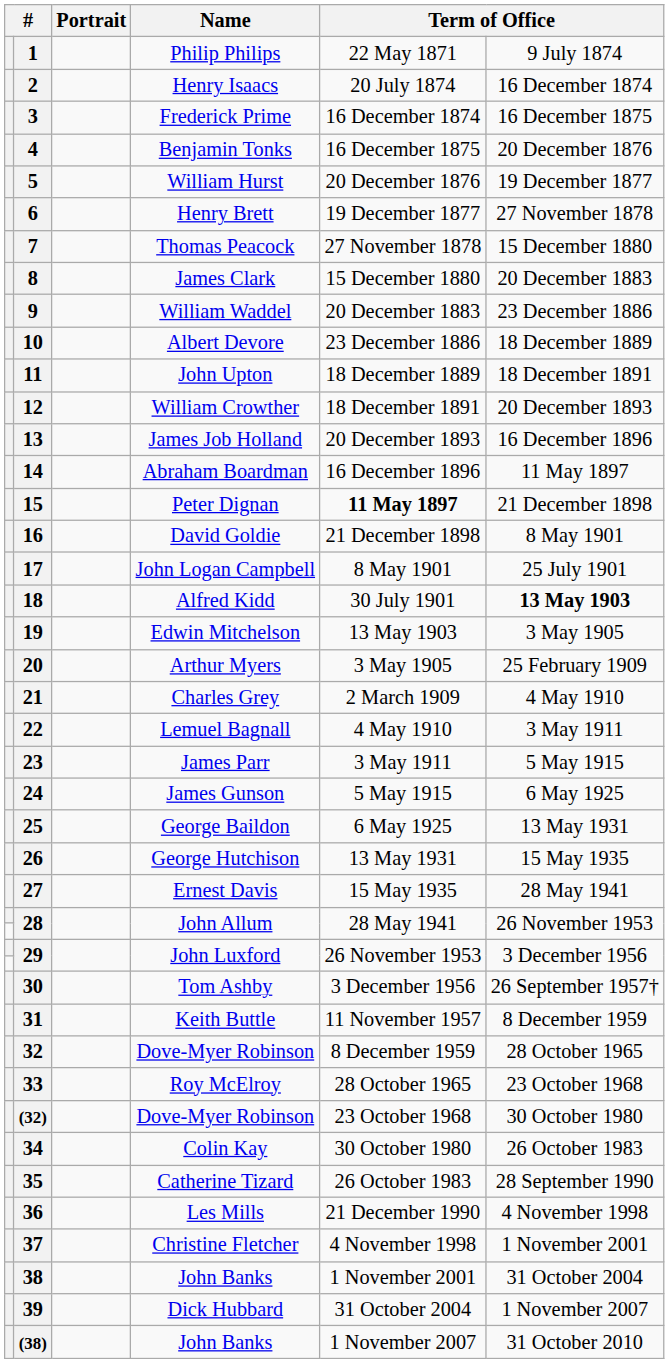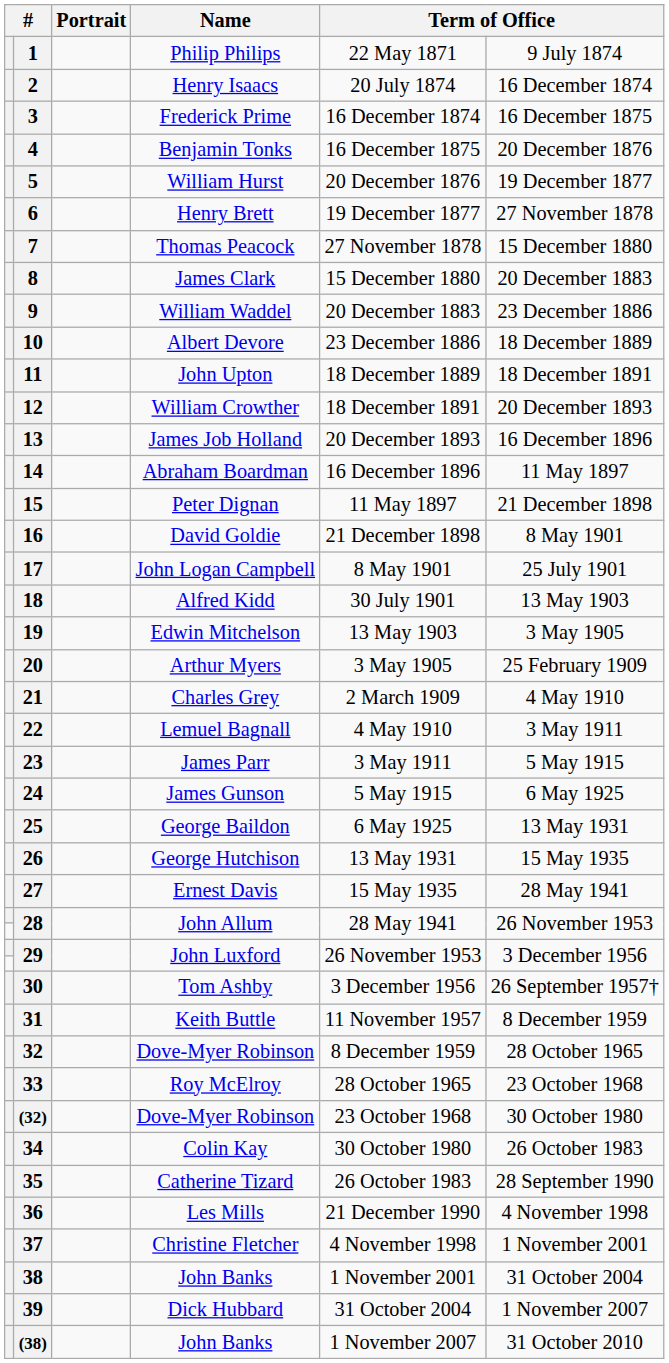 <table class="wikitable" style="text-align:center">
 <tr>
 <th colspan="2">#</th>
 <th>Portrait</th>
 <th>Name</th>
 <th colspan="2" width="150">Term of Office</th>
 </tr>
 <tr>
 <th style="background:"></th>
 <th>1</th>
 <td></td>
 <td><a href='#'>Philip Philips</a></td>
 <td>22 May 1871</td>
 <td>9 July 1874</td>
 </tr>
 <tr>
 <th style="background:"></th>
 <th>2</th>
 <td></td>
 <td><a href='#'>Henry Isaacs</a></td>
 <td>20 July 1874</td>
 <td>16 December 1874</td>
 </tr>
 <tr>
 <th style="background:"></th>
 <th>3</th>
 <td></td>
 <td><a href='#'>Frederick Prime</a></td>
 <td>16 December 1874</td>
 <td>16 December 1875</td>
 </tr>
 <tr>
 <th style="background:"></th>
 <th>4</th>
 <td></td>
 <td><a href='#'>Benjamin Tonks</a></td>
 <td>16 December 1875</td>
 <td>20 December 1876</td>
 </tr>
 <tr>
 <th style="background:"></th>
 <th>5</th>
 <td></td>
 <td><a href='#'>William Hurst</a></td>
 <td>20 December 1876</td>
 <td>19 December 1877</td>
 </tr>
 <tr>
 <th style="background:"></th>
 <th>6</th>
 <td></td>
 <td><a href='#'>Henry Brett</a></td>
 <td>19 December 1877</td>
 <td>27 November 1878</td>
 </tr>
 <tr>
 <th style="background:"></th>
 <th>7</th>
 <td></td>
 <td><a href='#'>Thomas Peacock</a></td>
 <td>27 November 1878</td>
 <td>15 December 1880</td>
 </tr>
 <tr>
 <th style="background:"></th>
 <th>8</th>
 <td></td>
 <td><a href='#'>James Clark</a></td>
 <td>15 December 1880</td>
 <td>20 December 1883</td>
 </tr>
 <tr>
 <th style="background:"></th>
 <th>9</th>
 <td></td>
 <td><a href='#'>William Waddel</a></td>
 <td>20 December 1883</td>
 <td>23 December 1886</td>
 </tr>
 <tr>
 <th style="background:"></th>
 <th>10</th>
 <td></td>
 <td><a href='#'>Albert Devore</a></td>
 <td>23 December 1886</td>
 <td>18 December 1889</td>
 </tr>
 <tr>
 <th style="background:"></th>
 <th>11</th>
 <td></td>
 <td><a href='#'>John Upton</a></td>
 <td>18 December 1889</td>
 <td>18 December 1891</td>
 </tr>
 <tr>
 <th style="background:"></th>
 <th>12</th>
 <td></td>
 <td><a href='#'>William Crowther</a></td>
 <td>18 December 1891</td>
 <td>20 December 1893</td>
 </tr>
 <tr>
 <th style="background:"></th>
 <th>13</th>
 <td></td>
 <td><a href='#'>James Job Holland</a></td>
 <td>20 December 1893</td>
 <td>16 December 1896</td>
 </tr>
 <tr>
 <th style="background:"></th>
 <th>14</th>
 <td></td>
 <td><a href='#'>Abraham Boardman</a></td>
 <td>16 December 1896</td>
 <td>11 May 1897</td>
 </tr>
 <tr>
 <th style="background:"></th>
 <th>15</th>
 <td></td>
 <td><a href='#'>Peter Dignan</a></td>
-<td><strong>11 May 1897</strong></td>
+<td>11 May 1897</td>
 <td>21 December 1898</td>
 </tr>
 <tr>
 <th style="background:"></th>
 <th>16</th>
 <td></td>
 <td><a href='#'>David Goldie</a></td>
 <td>21 December 1898</td>
 <td>8 May 1901</td>
 </tr>
 <tr>
 <th style="background:"></th>
 <th>17</th>
 <td></td>
 <td><a href='#'>John Logan Campbell</a></td>
 <td>8 May 1901</td>
 <td>25 July 1901</td>
 </tr>
 <tr>
 <th style="background:"></th>
 <th>18</th>
 <td></td>
 <td><a href='#'>Alfred Kidd</a></td>
 <td>30 July 1901</td>
-<td><strong>13 May 1903</strong></td>
+<td>13 May 1903</td>
 </tr>
 <tr>
 <th style="background:"></th>
 <th>19</th>
 <td></td>
 <td><a href='#'>Edwin Mitchelson</a></td>
 <td>13 May 1903</td>
 <td>3 May 1905</td>
 </tr>
 <tr>
 <th style="background:"></th>
 <th>20</th>
 <td></td>
 <td><a href='#'>Arthur Myers</a></td>
 <td>3 May 1905</td>
 <td>25 February 1909</td>
 </tr>
 <tr>
 <th style="background:"></th>
 <th>21</th>
 <td></td>
 <td><a href='#'>Charles Grey</a></td>
 <td>2 March 1909</td>
 <td>4 May 1910</td>
 </tr>
 <tr>
 <th style="background:"></th>
 <th>22</th>
 <td></td>
 <td><a href='#'>Lemuel Bagnall</a></td>
 <td>4 May 1910</td>
 <td>3 May 1911</td>
 </tr>
 <tr>
 <th style="background:"></th>
 <th>23</th>
 <td></td>
 <td><a href='#'>James Parr</a></td>
 <td>3 May 1911</td>
 <td>5 May 1915</td>
 </tr>
 <tr>
 <th style="background:"></th>
 <th>24</th>
 <td></td>
 <td><a href='#'>James Gunson</a></td>
 <td>5 May 1915</td>
 <td>6 May 1925</td>
 </tr>
 <tr>
 <th style="background:"></th>
 <th>25</th>
 <td></td>
 <td><a href='#'>George Baildon</a></td>
 <td>6 May 1925</td>
 <td>13 May 1931</td>
 </tr>
 <tr>
 <th style="background:"></th>
 <th>26</th>
 <td></td>
 <td><a href='#'>George Hutchison</a></td>
 <td>13 May 1931</td>
 <td>15 May 1935</td>
 </tr>
 <tr>
 <th style="background:"></th>
 <th>27</th>
 <td></td>
 <td><a href='#'>Ernest Davis</a></td>
 <td>15 May 1935</td>
 <td>28 May 1941</td>
 </tr>
 <tr>
 <th style="background:"></th>
 <th rowspan=2>28</th>
 <td rowspan=2></td>
 <td rowspan=2><a href='#'>John Allum</a></td>
 <td rowspan=2>28 May 1941</td>
 <td rowspan=2>26 November 1953</td>
 </tr>
 <tr>
 <td style="background:"></td>
 </tr>
 <tr>
 <th style="background:"></th>
 <th rowspan=2>29</th>
 <td rowspan=2></td>
 <td rowspan=2><a href='#'>John Luxford</a></td>
 <td rowspan=2>26 November 1953</td>
 <td rowspan=2>3 December 1956</td>
 </tr>
 <tr>
 <td style="background:"></td>
 </tr>
 <tr>
 <th style="background:"></th>
 <th>30</th>
 <td></td>
 <td><a href='#'>Tom Ashby</a></td>
 <td>3 December 1956</td>
 <td>26 September 1957†</td>
 </tr>
 <tr>
 <th style="background:"></th>
 <th>31</th>
 <td></td>
 <td><a href='#'>Keith Buttle</a></td>
 <td>11 November 1957</td>
 <td>8 December 1959</td>
 </tr>
 <tr>
 <th style="background:"></th>
 <th>32</th>
 <td></td>
 <td><a href='#'>Dove-Myer Robinson</a></td>
 <td>8 December 1959</td>
 <td>28 October 1965</td>
 </tr>
 <tr>
 <th style="background:"></th>
 <th>33</th>
 <td></td>
 <td><a href='#'>Roy McElroy</a></td>
 <td>28 October 1965</td>
 <td>23 October 1968</td>
 </tr>
 <tr>
 <th style="background:"></th>
 <th><small>(32)</small></th>
 <td></td>
 <td><a href='#'>Dove-Myer Robinson</a></td>
 <td>23 October 1968</td>
 <td>30 October 1980</td>
 </tr>
 <tr>
 <th style="background:"></th>
 <th>34</th>
 <td></td>
 <td><a href='#'>Colin Kay</a></td>
 <td>30 October 1980</td>
 <td>26 October 1983</td>
 </tr>
 <tr>
 <th style="background:"></th>
 <th>35</th>
 <td></td>
 <td><a href='#'>Catherine Tizard</a></td>
 <td>26 October 1983</td>
 <td>28 September 1990</td>
 </tr>
 <tr>
 <th style="background:"></th>
 <th>36</th>
 <td></td>
 <td><a href='#'>Les Mills</a></td>
 <td>21 December 1990</td>
 <td>4 November 1998</td>
 </tr>
 <tr>
 <th style="background:"></th>
 <th>37</th>
 <td></td>
 <td><a href='#'>Christine Fletcher</a></td>
 <td>4 November 1998</td>
 <td>1 November 2001</td>
 </tr>
 <tr>
 <th style="background:"></th>
 <th>38</th>
 <td></td>
 <td><a href='#'>John Banks</a></td>
 <td>1 November 2001</td>
 <td>31 October 2004</td>
 </tr>
 <tr>
 <th style="background:"></th>
 <th>39</th>
 <td></td>
 <td><a href='#'>Dick Hubbard</a></td>
 <td>31 October 2004</td>
 <td>1 November 2007</td>
 </tr>
 <tr>
 <th style="background:"></th>
 <th><small>(38)</small></th>
 <td></td>
 <td><a href='#'>John Banks</a></td>
 <td>1 November 2007</td>
 <td>31 October 2010</td>
 </tr>
 </table>
